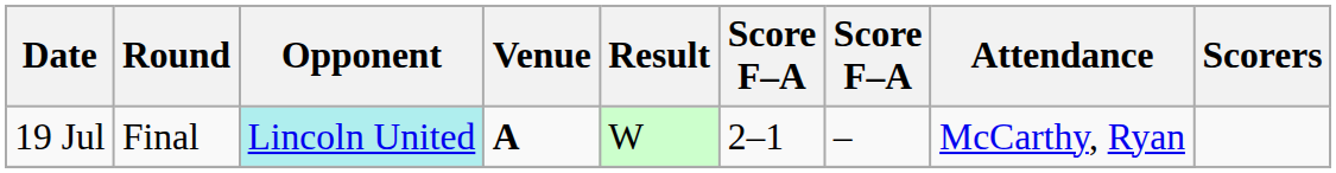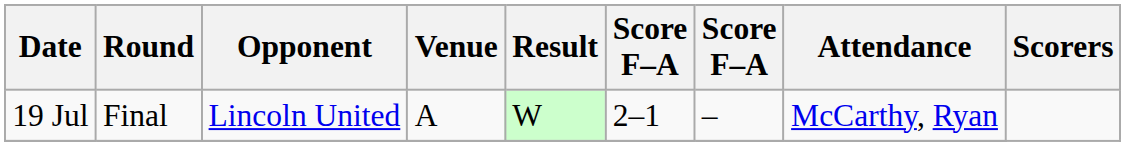 <table class="wikitable">
 <tr>
 <th>Date</th>
 <th>Round</th>
 <th>Opponent</th>
 <th>Venue</th>
 <th>Result</th>
 <th>Score<br>F–A</th>
 <th>Score<br>F–A</th>
 <th>Attendance</th>
 <th>Scorers</th>
 </tr>
 <tr>
 <td>19 Jul</td>
 <td>Final</td>
-<td style="background: paleturquoise;"><a href='#'>Lincoln United</a></td>
-<td><strong>A</strong></td>
+<td><a href='#'>Lincoln United</a></td>
+<td>A</td>
 <td bgcolor="#CCFFCC">W</td>
 <td>2–1</td>
 <td>–</td>
 <td><a href='#'>McCarthy</a>, <a href='#'>Ryan</a></td>
 </tr>
 <tr>
 </tr>
 </table>
